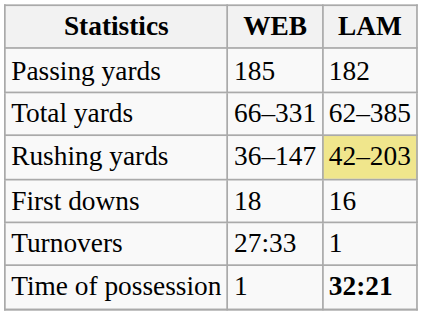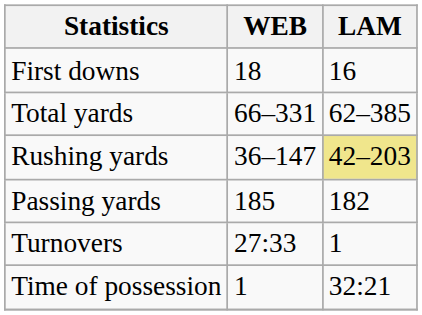 <table class="wikitable" style="float: left;">
 <tr>
 <th>Statistics</th>
 <th>WEB</th>
 <th>LAM</th>
 </tr>
 <tr>
-<td>Passing yards</td>
-<td>185</td>
-<td>182</td>
+<td>First downs</td>
+<td>18</td>
+<td>16</td>
 </tr>
 <tr>
 <td>Total yards</td>
 <td>66–331</td>
 <td>62–385</td>
 </tr>
 <tr>
 <td>Rushing yards</td>
 <td>36–147</td>
 <td style="background: khaki;">42–203</td>
 </tr>
 <tr>
-<td>First downs</td>
-<td>18</td>
-<td>16</td>
+<td>Passing yards</td>
+<td>185</td>
+<td>182</td>
 </tr>
 <tr>
 <td>Turnovers</td>
 <td>27:33</td>
 <td>1</td>
 </tr>
 <tr>
 <td>Time of possession</td>
 <td>1</td>
-<td><strong>32:21</strong></td>
+<td>32:21</td>
 </tr>
 <tr>
 </tr>
 </table>
